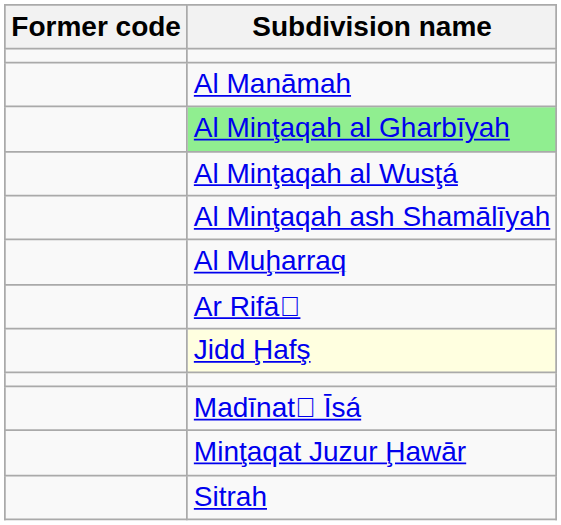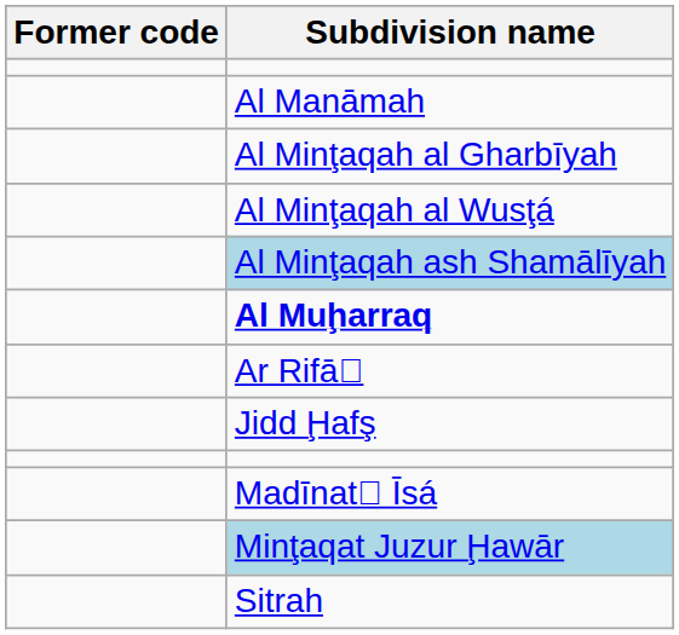 <table class="wikitable sortable mw-collapsible">
 <tr>
 <th>Former code</th>
 <th>Subdivision name</th>
 </tr>
 <tr>
 <td></td>
 <td></td>
 </tr>
 <tr>
 <td></td>
 <td><a href='#'>Al Manāmah</a></td>
 </tr>
 <tr>
 <td></td>
-<td style="background: lightgreen;"><a href='#'>Al Minţaqah al Gharbīyah</a></td>
+<td><a href='#'>Al Minţaqah al Gharbīyah</a></td>
 </tr>
 <tr>
 <td></td>
 <td><a href='#'>Al Minţaqah al Wusţá</a></td>
 </tr>
 <tr>
 <td></td>
-<td><a href='#'>Al Minţaqah ash Shamālīyah</a></td>
+<td style="background: lightblue;"><a href='#'>Al Minţaqah ash Shamālīyah</a></td>
 </tr>
 <tr>
 <td></td>
-<td><a href='#'>Al Muḩarraq</a></td>
+<td><strong><a href='#'>Al Muḩarraq</a></strong></td>
 </tr>
 <tr>
 <td></td>
 <td><a href='#'>Ar Rifāٰ </a></td>
 </tr>
 <tr>
 <td></td>
-<td style="background: lightyellow;"><a href='#'>Jidd Ḩafş</a></td>
+<td><a href='#'>Jidd Ḩafş</a></td>
 </tr>
 <tr>
 <td></td>
 <td></td>
 </tr>
 <tr>
 <td></td>
 <td><a href='#'>Madīnat ٰĪsá</a></td>
 </tr>
 <tr>
 <td></td>
-<td><a href='#'>Minţaqat Juzur Ḩawār</a></td>
+<td style="background: lightblue;"><a href='#'>Minţaqat Juzur Ḩawār</a></td>
 </tr>
 <tr>
 <td></td>
 <td><a href='#'>Sitrah</a></td>
 </tr>
 </table>
